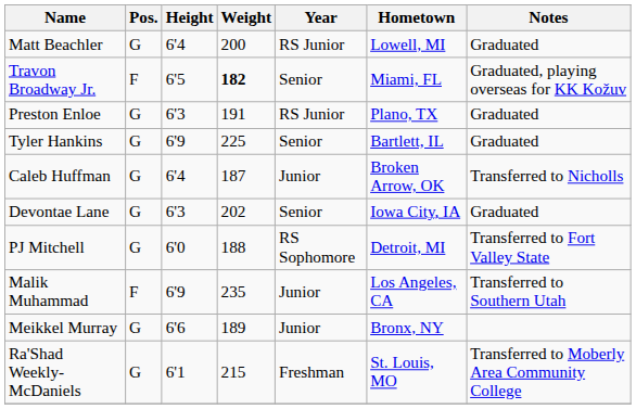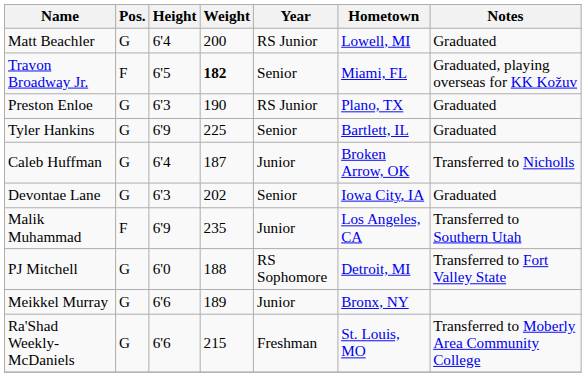 <table class="wikitable sortable" border="1">
 <tr align=center>
 <th>Name</th>
 <th>Pos.</th>
 <th>Height</th>
 <th>Weight</th>
 <th>Year</th>
 <th>Hometown</th>
 <th>Notes</th>
 </tr>
 <tr>
 <td>Matt Beachler</td>
 <td>G</td>
 <td>6'4</td>
 <td>200</td>
 <td>RS Junior</td>
 <td><a href='#'>Lowell, MI</a></td>
 <td>Graduated</td>
 </tr>
 <tr>
 <td><a href='#'>Travon Broadway Jr.</a></td>
 <td>F</td>
 <td>6'5</td>
 <td><strong>182</strong></td>
 <td>Senior</td>
 <td><a href='#'>Miami, FL</a></td>
 <td>Graduated, playing overseas for <a href='#'>KK Kožuv</a></td>
 </tr>
 <tr>
 <td>Preston Enloe</td>
 <td>G</td>
 <td>6'3</td>
-<td>191</td>
+<td>190</td>
 <td>RS Junior</td>
 <td><a href='#'>Plano, TX</a></td>
 <td>Graduated</td>
 </tr>
 <tr>
 <td>Tyler Hankins</td>
 <td>G</td>
 <td>6'9</td>
 <td>225</td>
 <td>Senior</td>
 <td><a href='#'>Bartlett, IL</a></td>
 <td>Graduated</td>
 </tr>
 <tr>
 <td>Caleb Huffman</td>
 <td>G</td>
 <td>6'4</td>
 <td>187</td>
 <td>Junior</td>
 <td><a href='#'>Broken Arrow, OK</a></td>
 <td>Transferred to <a href='#'>Nicholls</a></td>
 </tr>
 <tr>
 <td>Devontae Lane</td>
 <td>G</td>
 <td>6'3</td>
 <td>202</td>
 <td>Senior</td>
 <td><a href='#'>Iowa City, IA</a></td>
 <td>Graduated</td>
 </tr>
 <tr>
+<td>Malik Muhammad</td>
+<td>F</td>
+<td>6'9</td>
+<td>235</td>
+<td>Junior</td>
+<td><a href='#'>Los Angeles, CA</a></td>
+<td>Transferred to <a href='#'>Southern Utah</a></td>
+</tr>
+<tr>
 <td>PJ Mitchell</td>
 <td>G</td>
 <td>6'0</td>
 <td>188</td>
 <td>RS Sophomore</td>
 <td><a href='#'>Detroit, MI</a></td>
 <td>Transferred to <a href='#'>Fort Valley State</a></td>
-</tr>
-<tr>
-<td>Malik Muhammad</td>
-<td>F</td>
-<td>6'9</td>
-<td>235</td>
-<td>Junior</td>
-<td><a href='#'>Los Angeles, CA</a></td>
-<td>Transferred to <a href='#'>Southern Utah</a></td>
 </tr>
 <tr>
 <td>Meikkel Murray</td>
 <td>G</td>
 <td>6'6</td>
 <td>189</td>
 <td>Junior</td>
 <td><a href='#'>Bronx, NY</a></td>
 <td></td>
 </tr>
 <tr>
 <td>Ra'Shad Weekly-McDaniels</td>
 <td>G</td>
-<td>6'1</td>
+<td>6'6</td>
 <td>215</td>
 <td>Freshman</td>
 <td><a href='#'> St. Louis, MO</a></td>
 <td>Transferred to <a href='#'>Moberly Area Community College</a></td>
 </tr>
 <tr>
 </tr>
 </table>
